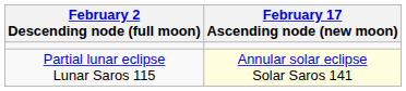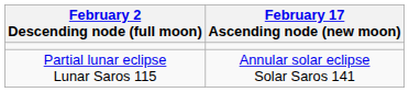 <table class="wikitable">
 <tr>
 <th><a href='#'>February 2</a><br>Descending node (full moon)<br></th>
 <th><a href='#'>February 17</a><br>Ascending node (new moon)<br></th>
 </tr>
 <tr>
 <td></td>
 <td></td>
 </tr>
 <tr align=center>
 <td><a href='#'>Partial lunar eclipse</a><br>Lunar Saros 115</td>
-<td style="background: lightyellow;"><a href='#'>Annular solar eclipse</a><br>Solar Saros 141</td>
+<td><a href='#'>Annular solar eclipse</a><br>Solar Saros 141</td>
 </tr>
 </table>
